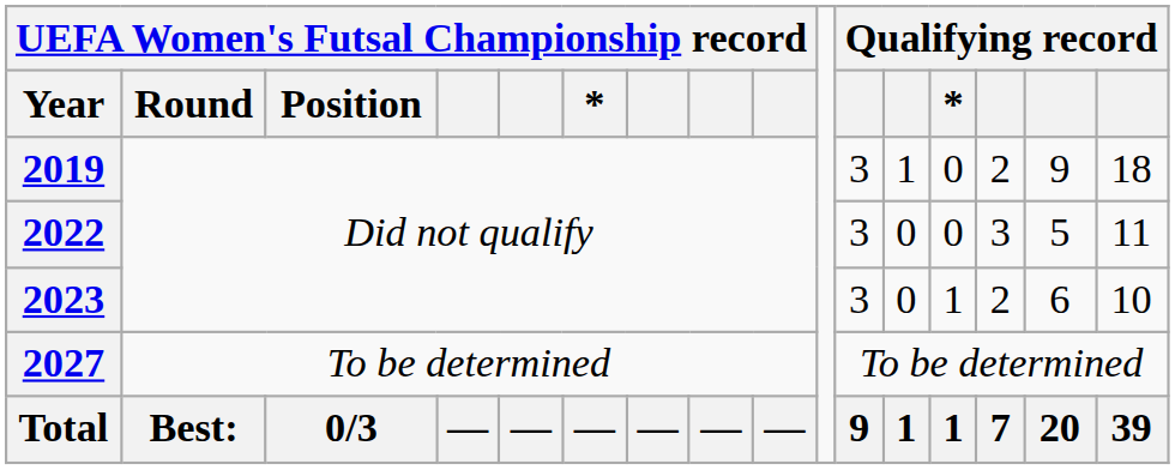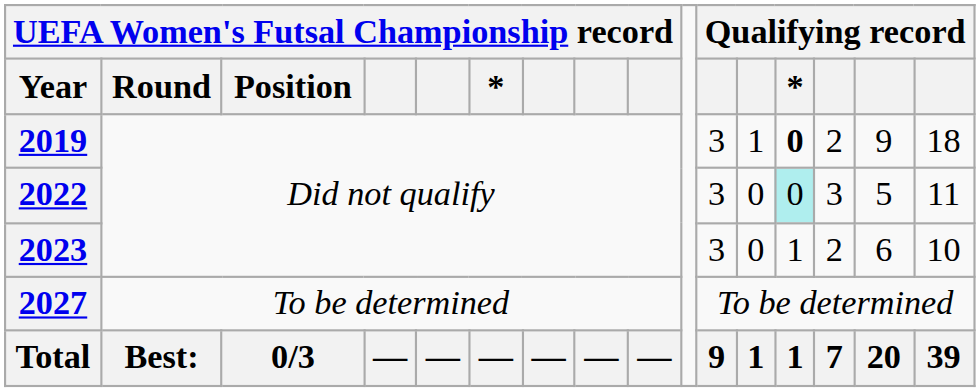 <table class="wikitable" style="text-align: center;">
 <tr>
 <th colspan="9"><a href='#'>UEFA Women's Futsal Championship</a> record</th>
 <td rowspan=17></td>
 <th colspan=6>Qualifying record</th>
 </tr>
 <tr>
 <th>Year</th>
 <th>Round</th>
 <th>Position</th>
 <th></th>
 <th></th>
 <th>*</th>
 <th></th>
 <th></th>
 <th></th>
 <th></th>
 <th></th>
 <th>*</th>
 <th></th>
 <th></th>
 <th></th>
 </tr>
 <tr>
 <th> <a href='#'>2019</a></th>
 <td colspan="8" rowspan="3"><em>Did not qualify</em></td>
 <td>3</td>
 <td>1</td>
-<td>0</td>
+<td><strong>0</strong></td>
 <td>2</td>
 <td>9</td>
 <td>18</td>
 </tr>
 <tr>
 <th> <a href='#'>2022</a></th>
 <td>3</td>
 <td>0</td>
-<td>0</td>
+<td style="background: paleturquoise;">0</td>
 <td>3</td>
 <td>5</td>
 <td>11</td>
 </tr>
 <tr>
 <th> <a href='#'>2023</a></th>
 <td>3</td>
 <td>0</td>
 <td>1</td>
 <td>2</td>
 <td>6</td>
 <td>10</td>
 </tr>
 <tr>
 <th> <a href='#'>2027</a></th>
 <td colspan="8"><em>To be determined</em></td>
 <td colspan=6><em>To be determined</em></td>
 </tr>
 <tr>
 <th>Total</th>
 <th>Best:</th>
 <th>0/3</th>
 <th>—</th>
 <th>—</th>
 <th>—</th>
 <th>—</th>
 <th>—</th>
 <th>—</th>
 <th>9</th>
 <th>1</th>
 <th>1</th>
 <th>7</th>
 <th>20</th>
 <th>39</th>
 </tr>
 </table>
